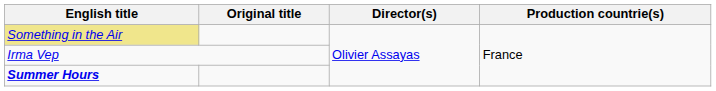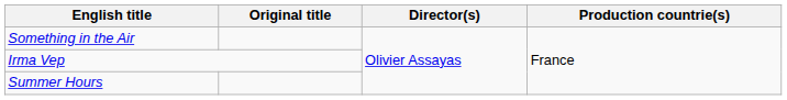 <table class="sortable wikitable" style="width:100%; margin-bottom:4px" cellpadding="5">
 <tr>
 <th scope="col">English title</th>
 <th scope="col">Original title</th>
 <th scope="col">Director(s)</th>
 <th scope="col">Production countrie(s)</th>
 </tr>
 <tr>
-<td style="background: khaki;"><a href='#'><em>Something in the Air</em></a></td>
+<td><a href='#'><em>Something in the Air</em></a></td>
 <td></td>
 <td rowspan="3"><a href='#'>Olivier Assayas</a></td>
 <td rowspan="3">France</td>
 </tr>
 <tr>
 <td colspan = "2"><em><a href='#'>Irma Vep</a></em></td>
 </tr>
 <tr>
-<td><strong><em><a href='#'>Summer Hours</a></em></strong></td>
+<td><em><a href='#'>Summer Hours</a></em></td>
 <td></td>
 </tr>
 </table>
